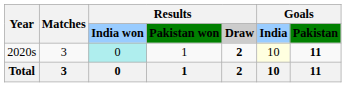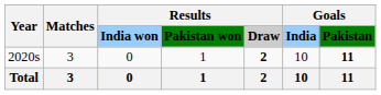 <table class="wikitable">
 <tr>
 <th rowspan=2>Year</th>
 <th rowspan=2>Matches</th>
 <th colspan=3>Results</th>
 <th colspan=2>Goals</th>
 </tr>
 <tr>
 <th style="background:#9cf;"> India won</th>
 <th style="background:green;"> Pakistan won</th>
 <th style="background:#ccc;">Draw</th>
 <th style="background:#9cf;"> India</th>
 <th style="background:green;"> Pakistan</th>
 </tr>
 <tr>
 <td style="text-align:center">2020s</td>
 <td style="text-align:center">3</td>
-<td style="background: paleturquoise; text-align:center">0</td>
+<td style="text-align:center">0</td>
 <td style="text-align:center">1</td>
 <td style="text-align:center"><strong>2</strong></td>
-<td style="background: lightyellow; text-align:center">10</td>
+<td style="text-align:center">10</td>
 <td style="text-align:center"><strong>11</strong></td>
 </tr>
 <tr>
 <th style="text-align:center">Total</th>
 <th style="text-align:center">3</th>
 <th style="text-align:center">0</th>
 <th style="text-align:center">1</th>
 <th style="text-align:center">2</th>
 <th style="text-align:center">10</th>
 <th style="text-align:center">11</th>
 </tr>
 </table>
